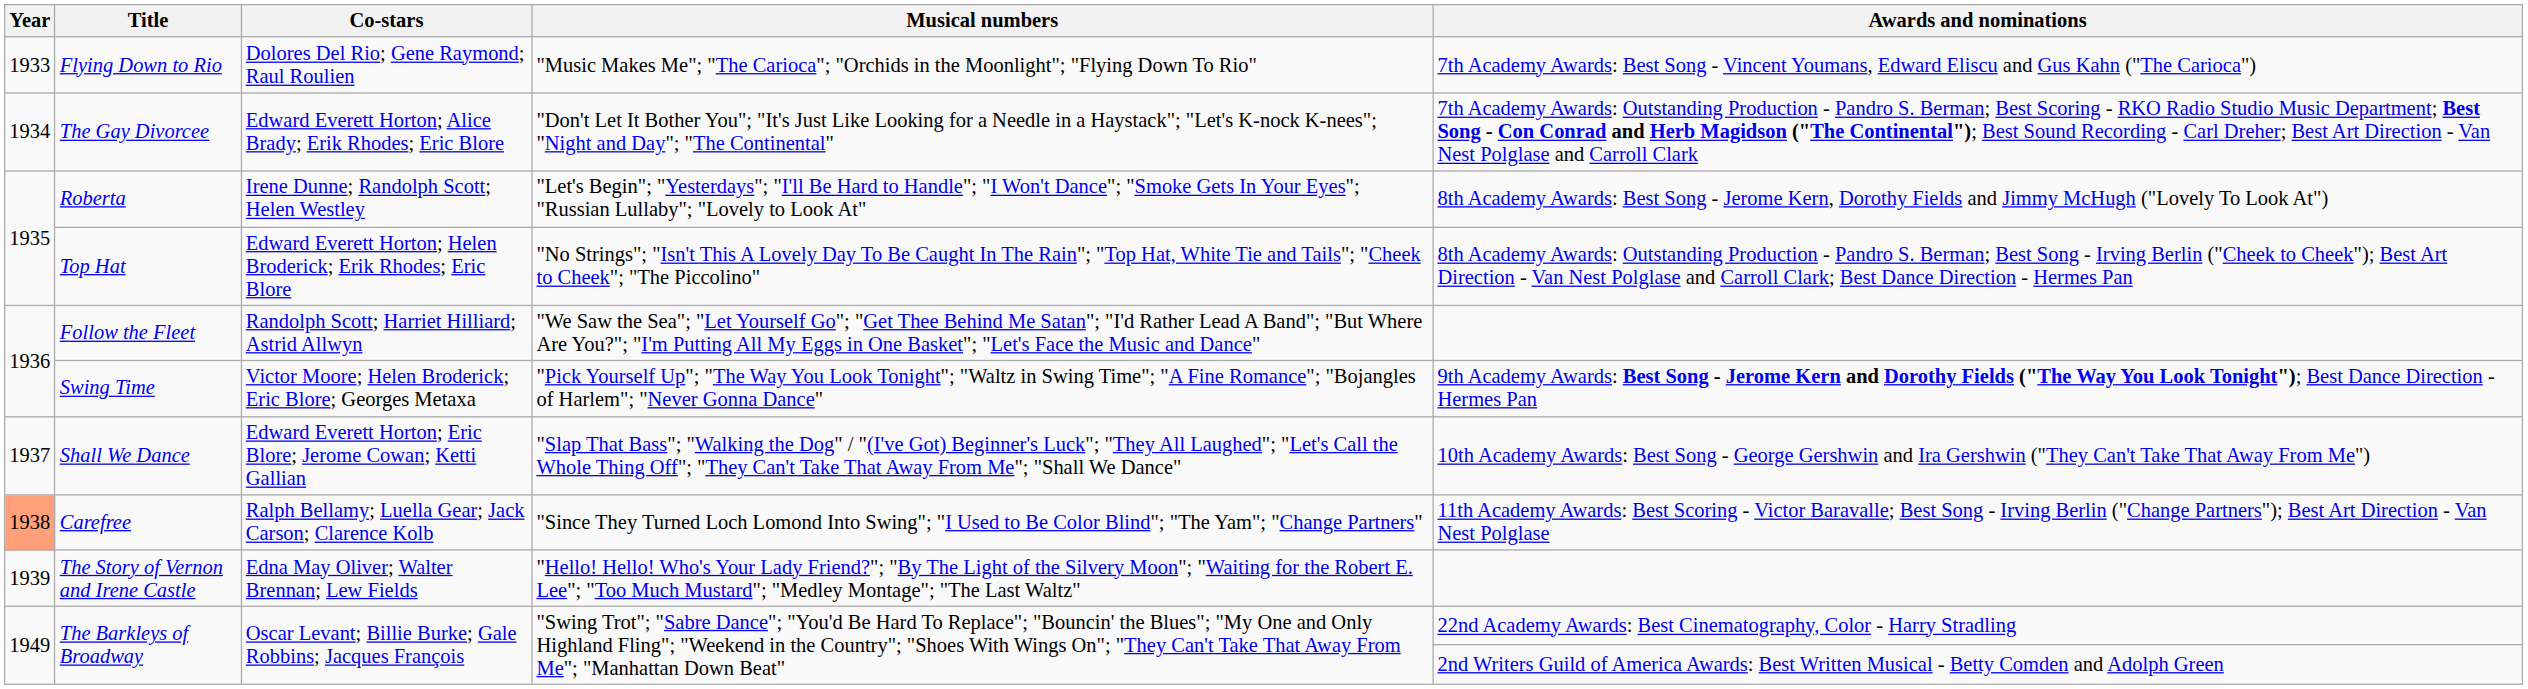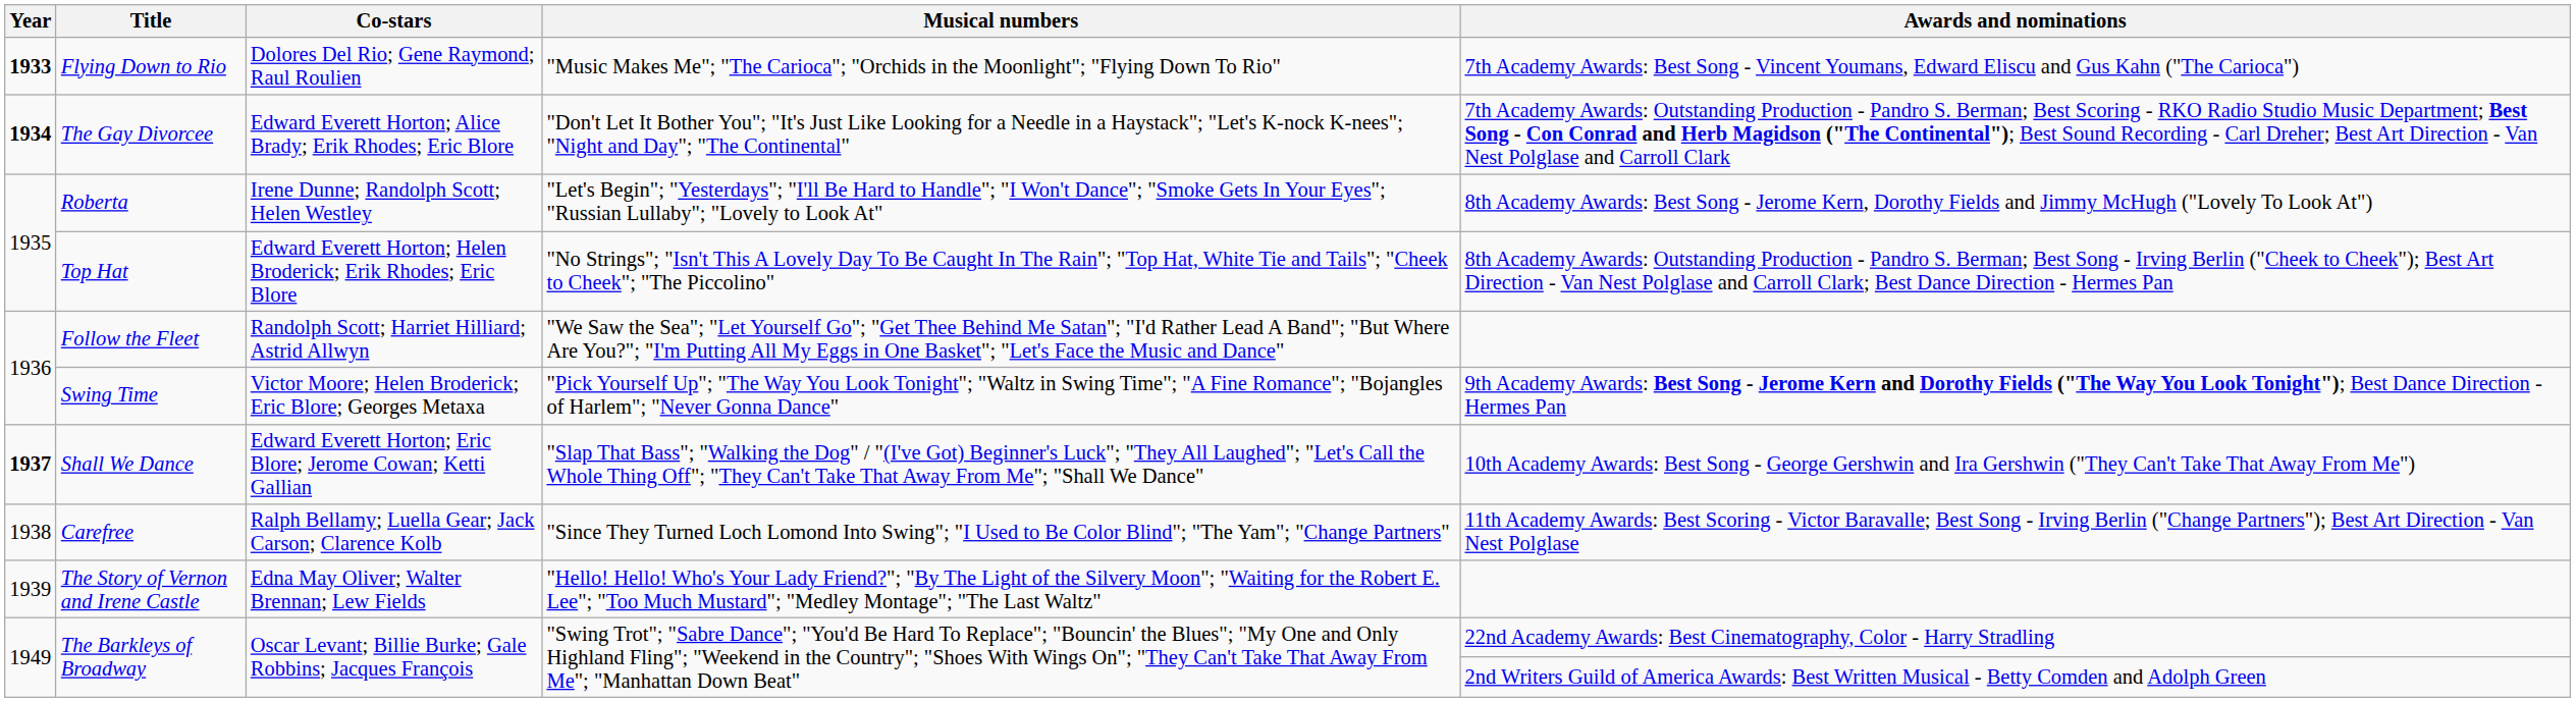 <table class="wikitable sortable">
 <tr>
 <th>Year</th>
 <th>Title</th>
 <th>Co-stars</th>
 <th>Musical numbers</th>
 <th>Awards and nominations</th>
 </tr>
 <tr>
-<td>1933</td>
+<td><strong>1933</strong></td>
 <td><em><a href='#'>Flying Down to Rio</a></em></td>
 <td><a href='#'>Dolores Del Rio</a>; <a href='#'>Gene Raymond</a>; <a href='#'>Raul Roulien</a></td>
 <td>"Music Makes Me"; "<a href='#'>The Carioca</a>"; "Orchids in the Moonlight"; "Flying Down To Rio"</td>
 <td><a href='#'>7th Academy Awards</a>: <a href='#'>Best Song</a> - <a href='#'>Vincent Youmans</a>, <a href='#'>Edward Eliscu</a> and <a href='#'>Gus Kahn</a> ("<a href='#'>The Carioca</a>")</td>
 </tr>
 <tr>
-<td>1934</td>
+<td><strong>1934</strong></td>
 <td><em><a href='#'>The Gay Divorcee</a></em></td>
 <td><a href='#'>Edward Everett Horton</a>; <a href='#'>Alice Brady</a>; <a href='#'>Erik Rhodes</a>; <a href='#'>Eric Blore</a></td>
 <td>"Don't Let It Bother You"; "It's Just Like Looking for a Needle in a Haystack"; "Let's K-nock K-nees"; "<a href='#'>Night and Day</a>"; "<a href='#'>The Continental</a>"</td>
 <td><a href='#'>7th Academy Awards</a>: <a href='#'>Outstanding Production</a> - <a href='#'>Pandro S. Berman</a>; <a href='#'>Best Scoring</a> - <a href='#'>RKO Radio Studio Music Department</a>; <strong><a href='#'>Best Song</a> - <a href='#'>Con Conrad</a> and <a href='#'>Herb Magidson</a> ("<a href='#'>The Continental</a>")</strong>; <a href='#'>Best Sound Recording</a> - <a href='#'>Carl Dreher</a>; <a href='#'>Best Art Direction</a> - <a href='#'>Van Nest Polglase</a> and <a href='#'>Carroll Clark</a></td>
 </tr>
 <tr>
 <td rowspan=2>1935</td>
 <td><em><a href='#'>Roberta</a></em></td>
 <td><a href='#'>Irene Dunne</a>; <a href='#'>Randolph Scott</a>; <a href='#'>Helen Westley</a></td>
 <td>"Let's Begin"; "<a href='#'>Yesterdays</a>"; "<a href='#'>I'll Be Hard to Handle</a>"; "<a href='#'>I Won't Dance</a>"; "<a href='#'>Smoke Gets In Your Eyes</a>"; "Russian Lullaby"; "Lovely to Look At"</td>
 <td><a href='#'>8th Academy Awards</a>: <a href='#'>Best Song</a> - <a href='#'>Jerome Kern</a>, <a href='#'>Dorothy Fields</a> and <a href='#'>Jimmy McHugh</a> ("Lovely To Look At")</td>
 </tr>
 <tr>
 <td><em><a href='#'>Top Hat</a></em></td>
 <td><a href='#'>Edward Everett Horton</a>; <a href='#'>Helen Broderick</a>; <a href='#'>Erik Rhodes</a>; <a href='#'>Eric Blore</a></td>
 <td>"No Strings"; "<a href='#'>Isn't This A Lovely Day To Be Caught In The Rain</a>"; "<a href='#'>Top Hat, White Tie and Tails</a>"; "<a href='#'>Cheek to Cheek</a>"; "The Piccolino"</td>
 <td><a href='#'>8th Academy Awards</a>: <a href='#'>Outstanding Production</a> - <a href='#'>Pandro S. Berman</a>; <a href='#'>Best Song</a> - <a href='#'>Irving Berlin</a> ("<a href='#'>Cheek to Cheek</a>"); <a href='#'>Best Art Direction</a> - <a href='#'>Van Nest Polglase</a> and <a href='#'>Carroll Clark</a>; <a href='#'>Best Dance Direction</a> - <a href='#'>Hermes Pan</a></td>
 </tr>
 <tr>
 <td rowspan=2>1936</td>
 <td><em><a href='#'>Follow the Fleet</a></em></td>
 <td><a href='#'>Randolph Scott</a>; <a href='#'>Harriet Hilliard</a>; <a href='#'>Astrid Allwyn</a></td>
 <td>"We Saw the Sea"; "<a href='#'>Let Yourself Go</a>"; "<a href='#'>Get Thee Behind Me Satan</a>"; "I'd Rather Lead A Band"; "But Where Are You?"; "<a href='#'>I'm Putting All My Eggs in One Basket</a>"; "<a href='#'>Let's Face the Music and Dance</a>"</td>
 <td></td>
 </tr>
 <tr>
 <td><em><a href='#'>Swing Time</a></em></td>
 <td><a href='#'>Victor Moore</a>; <a href='#'>Helen Broderick</a>; <a href='#'>Eric Blore</a>; Georges Metaxa</td>
 <td>"<a href='#'>Pick Yourself Up</a>"; "<a href='#'>The Way You Look Tonight</a>"; "Waltz in Swing Time"; "<a href='#'>A Fine Romance</a>"; "Bojangles of Harlem"; "<a href='#'>Never Gonna Dance</a>"</td>
 <td><a href='#'>9th Academy Awards</a>: <strong><a href='#'>Best Song</a> - <a href='#'>Jerome Kern</a> and <a href='#'>Dorothy Fields</a> ("<a href='#'>The Way You Look Tonight</a>")</strong>; <a href='#'>Best Dance Direction</a> - <a href='#'>Hermes Pan</a></td>
 </tr>
 <tr>
-<td>1937</td>
+<td><strong>1937</strong></td>
 <td><em><a href='#'>Shall We Dance</a></em></td>
 <td><a href='#'>Edward Everett Horton</a>; <a href='#'>Eric Blore</a>; <a href='#'>Jerome Cowan</a>; <a href='#'>Ketti Gallian</a></td>
 <td>"<a href='#'>Slap That Bass</a>"; "<a href='#'>Walking the Dog</a>" / "<a href='#'>(I've Got) Beginner's Luck</a>"; "<a href='#'>They All Laughed</a>"; "<a href='#'>Let's Call the Whole Thing Off</a>"; "<a href='#'>They Can't Take That Away From Me</a>"; "Shall We Dance"</td>
 <td><a href='#'>10th Academy Awards</a>: <a href='#'>Best Song</a> - <a href='#'>George Gershwin</a> and <a href='#'>Ira Gershwin</a> ("<a href='#'>They Can't Take That Away From Me</a>")</td>
 </tr>
 <tr>
-<td style="background: lightsalmon;">1938</td>
+<td>1938</td>
 <td><em><a href='#'>Carefree</a></em></td>
 <td><a href='#'>Ralph Bellamy</a>; <a href='#'>Luella Gear</a>; <a href='#'>Jack Carson</a>; <a href='#'>Clarence Kolb</a></td>
 <td>"Since They Turned Loch Lomond Into Swing"; "<a href='#'>I Used to Be Color Blind</a>"; "The Yam"; "<a href='#'>Change Partners</a>"</td>
 <td><a href='#'>11th Academy Awards</a>: <a href='#'>Best Scoring</a> - <a href='#'>Victor Baravalle</a>; <a href='#'>Best Song</a> - <a href='#'>Irving Berlin</a> ("<a href='#'>Change Partners</a>"); <a href='#'>Best Art Direction</a> - <a href='#'>Van Nest Polglase</a></td>
 </tr>
 <tr>
 <td>1939</td>
 <td><em><a href='#'>The Story of Vernon and Irene Castle</a></em></td>
 <td><a href='#'>Edna May Oliver</a>; <a href='#'>Walter Brennan</a>; <a href='#'>Lew Fields</a></td>
 <td>"<a href='#'>Hello! Hello! Who's Your Lady Friend?</a>"; "<a href='#'>By The Light of the Silvery Moon</a>"; "<a href='#'>Waiting for the Robert E. Lee</a>"; "<a href='#'>Too Much Mustard</a>"; "Medley Montage"; "The Last Waltz"</td>
 <td></td>
 </tr>
 <tr>
 <td rowspan="2">1949</td>
 <td rowspan="2"><em><a href='#'>The Barkleys of Broadway</a></em></td>
 <td rowspan=2><a href='#'>Oscar Levant</a>; <a href='#'>Billie Burke</a>; <a href='#'>Gale Robbins</a>; <a href='#'>Jacques François</a></td>
 <td rowspan=2>"Swing Trot"; "<a href='#'>Sabre Dance</a>"; "You'd Be Hard To Replace"; "Bouncin' the Blues"; "My One and Only Highland Fling"; "Weekend in the Country"; "Shoes With Wings On"; "<a href='#'>They Can't Take That Away From Me</a>"; "Manhattan Down Beat"</td>
 <td><a href='#'>22nd Academy Awards</a>: <a href='#'>Best Cinematography, Color</a> - <a href='#'>Harry Stradling</a></td>
 </tr>
 <tr>
 <td><a href='#'>2nd Writers Guild of America Awards</a>: <a href='#'>Best Written Musical</a> - <a href='#'>Betty Comden</a> and <a href='#'>Adolph Green</a></td>
 </tr>
 </table>
